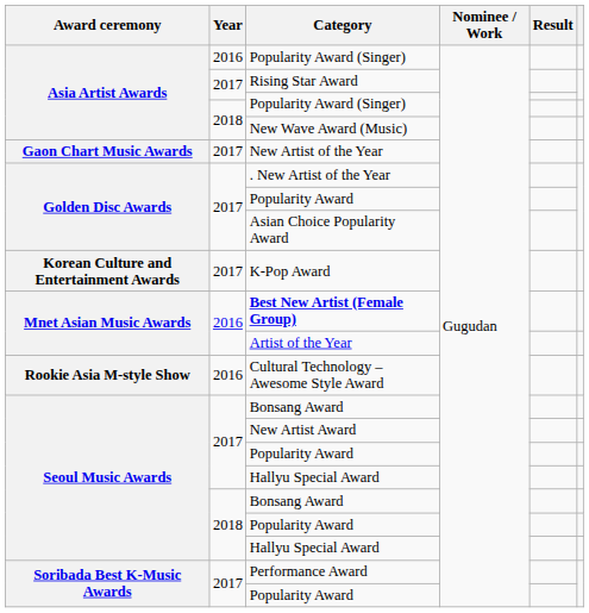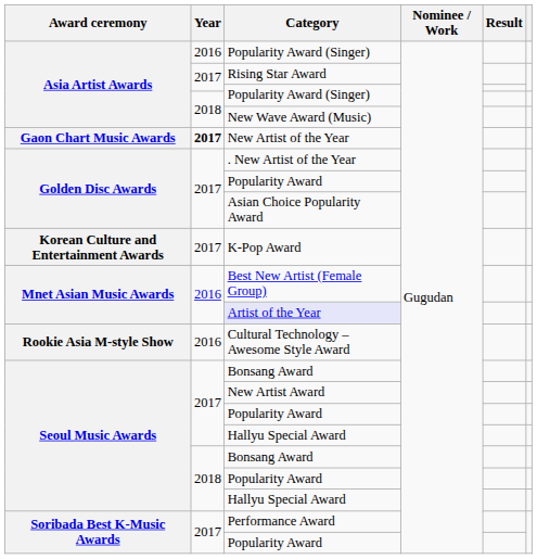 <table class="wikitable sortable plainrowheaders" style="width: 100%;">
 <tr>
 <th scope="col">Award ceremony</th>
 <th scope="col">Year</th>
 <th scope="col">Category </th>
 <th scope="col">Nominee / Work</th>
 <th scope="col">Result</th>
 <th scope="col" class="unsortable"></th>
 </tr>
 <tr>
 <th scope="row" rowspan="5"><a href='#'>Asia Artist Awards</a></th>
 <td style="text-align:center">2016</td>
 <td>Popularity Award (Singer)</td>
 <td rowspan="22">Gugudan</td>
 <td></td>
 <td style="text-align:center"></td>
 </tr>
 <tr>
 <td style="text-align:center" rowspan="2">2017</td>
 <td>Rising Star Award</td>
 <td></td>
 <td style="text-align:center" rowspan="2"></td>
 </tr>
 <tr>
 <td rowspan="2">Popularity Award (Singer)</td>
 <td></td>
 </tr>
 <tr>
 <td style="text-align:center" rowspan="2">2018</td>
 <td></td>
 <td></td>
 </tr>
 <tr>
 <td>New Wave Award (Music)</td>
 <td></td>
 <td></td>
 </tr>
 <tr>
 <th scope="row"><a href='#'>Gaon Chart Music Awards</a></th>
-<td style="text-align:center">2017</td>
+<td style="text-align:center"><strong>2017</strong></td>
 <td>New Artist of the Year</td>
 <td></td>
 <td></td>
 </tr>
 <tr>
 <th scope="row" rowspan="3"><a href='#'>Golden Disc Awards</a></th>
 <td style="text-align:center" rowspan="3">2017</td>
 <td>. New Artist of the Year</td>
 <td></td>
 <td style="text-align:center" rowspan="3"></td>
 </tr>
 <tr>
 <td>Popularity Award</td>
 <td></td>
 </tr>
 <tr>
 <td>Asian Choice Popularity Award</td>
 <td></td>
 </tr>
 <tr>
 <th scope="row">Korean Culture and Entertainment Awards</th>
 <td style="text-align:center">2017</td>
 <td>K-Pop Award</td>
 <td></td>
 <td></td>
 </tr>
 <tr>
 <th scope="row" rowspan="2"><a href='#'>Mnet Asian Music Awards</a></th>
 <td style="text-align:center" rowspan="2"><a href='#'>2016</a></td>
-<td><strong><a href='#'>Best New Artist (Female Group)</a></strong></td>
+<td><a href='#'>Best New Artist (Female Group)</a></td>
 <td></td>
 <td></td>
 </tr>
 <tr>
-<td><a href='#'>Artist of the Year</a></td>
+<td style="background: lavender;"><a href='#'>Artist of the Year</a></td>
 <td></td>
 <td></td>
 </tr>
 <tr>
 <th scope="row">Rookie Asia M-style Show</th>
 <td style="text-align:center">2016</td>
 <td>Cultural Technology – Awesome Style Award</td>
 <td></td>
 <td></td>
 </tr>
 <tr>
 <th scope="row" rowspan="7"><a href='#'>Seoul Music Awards</a></th>
 <td style="text-align:center" rowspan="4">2017</td>
 <td>Bonsang Award</td>
 <td></td>
 <td></td>
 </tr>
 <tr>
 <td>New Artist Award</td>
 <td></td>
 <td></td>
 </tr>
 <tr>
 <td>Popularity Award</td>
 <td></td>
 <td></td>
 </tr>
 <tr>
 <td>Hallyu Special Award</td>
 <td></td>
 <td></td>
 </tr>
 <tr>
 <td style="text-align:center" rowspan="3">2018</td>
 <td>Bonsang Award</td>
 <td></td>
 <td></td>
 </tr>
 <tr>
 <td>Popularity Award</td>
 <td></td>
 <td></td>
 </tr>
 <tr>
 <td>Hallyu Special Award</td>
 <td></td>
 <td></td>
 </tr>
 <tr>
 <th scope="row" rowspan="2"><a href='#'>Soribada Best K-Music Awards</a></th>
 <td style="text-align:center" rowspan="2">2017</td>
 <td>Performance Award</td>
 <td></td>
 <td style="text-align:center" rowspan="2"></td>
 </tr>
 <tr>
 <td>Popularity Award</td>
 <td></td>
 </tr>
 </table>
